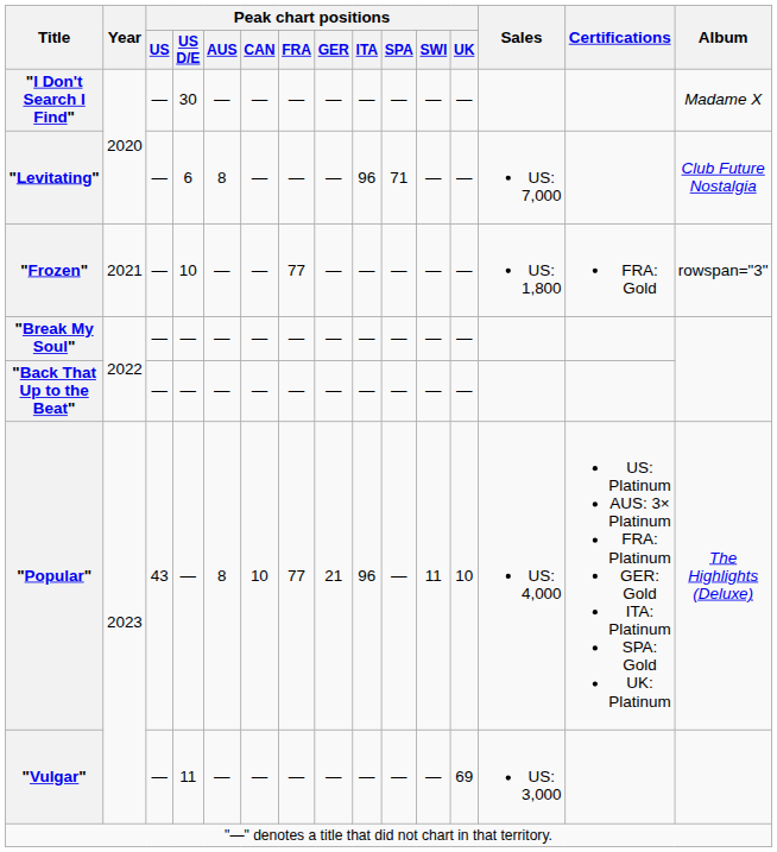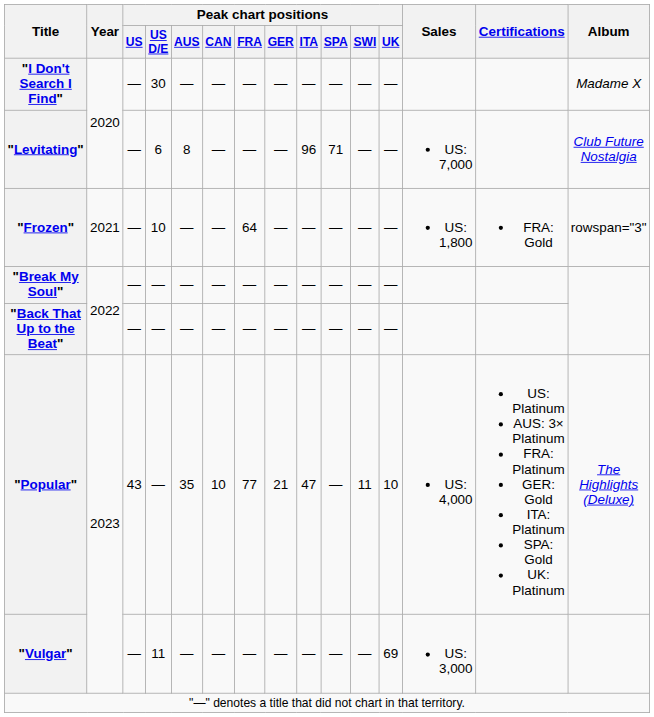 <table class="wikitable plainrowheaders" style="text-align:center;">
 <tr>
 <th scope="col" rowspan="2" style="width:20em;">Title</th>
 <th scope="col" rowspan="2">Year</th>
 <th scope="col" colspan="10">Peak chart positions</th>
 <th scope="col" rowspan="2" style="width:11em;">Sales</th>
 <th scope="col" rowspan="2" style="width:12em;"><a href='#'>Certifications</a></th>
 <th scope="col" rowspan="2" style="width:9em;">Album</th>
 </tr>
 <tr>
 <th scope="col" style="width:2.75em; font-size:90%;"><a href='#'>US</a><br></th>
 <th scope="col" style="width:2.75em; font-size:90%;"><a href='#'>US<br>D/E</a><br></th>
 <th scope="col" style="width:2.75em; font-size:90%;"><a href='#'>AUS</a><br></th>
 <th scope="col" style="width:2.75em; font-size:90%;"><a href='#'>CAN</a><br></th>
 <th scope="col" style="width:2.75em; font-size:90%;"><a href='#'>FRA</a><br></th>
 <th scope="col" style="width:2.75em; font-size:90%;"><a href='#'>GER</a><br></th>
 <th scope="col" style="width:2.75em; font-size:90%;"><a href='#'>ITA</a><br></th>
 <th scope="col" style="width:2.75em; font-size:90%;"><a href='#'>SPA</a><br></th>
 <th scope="col" style="width:2.75em; font-size:90%;"><a href='#'>SWI</a><br></th>
 <th scope="col" style="width:2.75em; font-size:90%;"><a href='#'>UK</a><br></th>
 </tr>
 <tr>
 <th scope="row">"<a href='#'>I Don't Search I Find</a>"</th>
 <td Rowspan="2">2020</td>
 <td>—</td>
 <td>30</td>
 <td>—</td>
 <td>—</td>
 <td>—</td>
 <td>—</td>
 <td>—</td>
 <td>—</td>
 <td>—</td>
 <td>—</td>
 <td></td>
 <td></td>
 <td><em>Madame X</em></td>
 </tr>
 <tr>
 <th scope="row">"<a href='#'>Levitating</a>" <br></th>
 <td>—</td>
 <td>6</td>
 <td>8</td>
 <td>—</td>
 <td>—</td>
 <td>—</td>
 <td>96</td>
 <td>71</td>
 <td>—</td>
 <td>—</td>
 <td><br><ul><li>US: 7,000</li></ul></td>
 <td></td>
 <td><em><a href='#'>Club Future Nostalgia</a></em></td>
 </tr>
 <tr>
 <th scope="row">"<a href='#'>Frozen</a>" </th>
 <td>2021</td>
 <td>—</td>
 <td>10</td>
 <td>—</td>
 <td>—</td>
-<td>77</td>
+<td>64</td>
 <td>—</td>
 <td>—</td>
 <td>—</td>
 <td>—</td>
 <td>—</td>
 <td><br><ul><li>US: 1,800</li></ul></td>
 <td><br><ul><li>FRA: Gold</li></ul></td>
 <td>rowspan="3" </td>
 </tr>
 <tr>
 <th scope="row">"<a href='#'>Break My Soul</a>"  <br></th>
 <td rowspan="2">2022</td>
 <td>—</td>
 <td>—</td>
 <td>—</td>
 <td>—</td>
 <td>—</td>
 <td>—</td>
 <td>—</td>
 <td>—</td>
 <td>—</td>
 <td>—</td>
 <td></td>
 <td></td>
 </tr>
 <tr>
 <th scope="row">"<a href='#'>Back That Up to the Beat</a>" </th>
 <td>—</td>
 <td>—</td>
 <td>—</td>
 <td>—</td>
 <td>—</td>
 <td>—</td>
 <td>—</td>
 <td>—</td>
 <td>—</td>
 <td>—</td>
 <td></td>
 <td></td>
 </tr>
 <tr>
 <th scope="row">"<a href='#'>Popular</a>"<br></th>
 <td rowspan="2">2023</td>
 <td>43</td>
 <td>—</td>
-<td>8</td>
+<td>35</td>
 <td>10</td>
 <td>77</td>
 <td>21</td>
-<td>96</td>
+<td>47</td>
 <td>—</td>
 <td>11</td>
 <td>10</td>
 <td><br><ul><li>US: 4,000</li></ul></td>
 <td><br><ul><li>US: Platinum</li><li>AUS: 3× Platinum</li><li>FRA: Platinum</li><li>GER: Gold</li><li>ITA: Platinum</li><li>SPA: Gold</li><li>UK: Platinum</li></ul></td>
 <td><em><a href='#'>The Highlights (Deluxe)</a></em></td>
 </tr>
 <tr>
 <th scope="row">"<a href='#'>Vulgar</a>"<br></th>
 <td>—</td>
 <td>11</td>
 <td>—</td>
 <td>—</td>
 <td>—</td>
 <td>—</td>
 <td>—</td>
 <td>—</td>
 <td>—</td>
 <td>69</td>
 <td><br><ul><li>US: 3,000</li></ul></td>
 <td></td>
 <td></td>
 </tr>
 <tr>
 <td colspan="15" style="font-size:90%">"—" denotes a title that did not chart in that territory.</td>
 </tr>
 </table>
